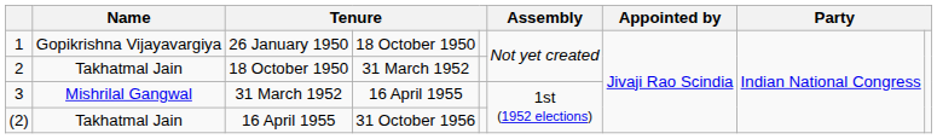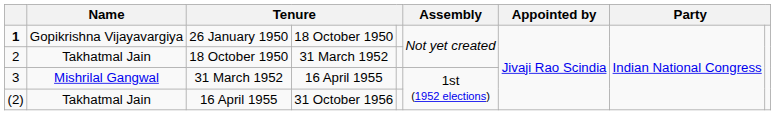 <table class="wikitable" style="text-align:center">
 <tr>
 <th scope="col"></th>
 <th scope="col">Name</th>
 <th colspan="3" scope="col">Tenure</th>
 <th scope="col">Assembly</th>
 <th>Appointed by</th>
 <th colspan="2" scope="col">Party</th>
 </tr>
 <tr>
-<td scope="row">1</td>
+<td scope="row"><strong>1</strong></td>
 <td>Gopikrishna Vijayavargiya</td>
 <td>26 January 1950</td>
 <td>18 October 1950</td>
 <td></td>
 <td rowspan="2"><em>Not yet created</em></td>
 <td rowspan="5"><a href='#'>Jivaji Rao Scindia</a></td>
 <td rowspan="5"><a href='#'>Indian National Congress</a></td>
 <td rowspan="9" style="background-color: "></td>
 </tr>
 <tr>
 <td scope="row">2</td>
 <td>Takhatmal Jain</td>
 <td>18 October 1950</td>
 <td>31 March 1952</td>
 <td></td>
 </tr>
 <tr>
 <td scope="row">3</td>
 <td><a href='#'>Mishrilal Gangwal</a></td>
 <td>31 March 1952</td>
 <td>16 April 1955</td>
 <td></td>
 <td rowspan="2">1st<br><small>(<a href='#'>1952 elections</a>)</small></td>
 </tr>
 <tr>
 <td scope="row">(2)</td>
 <td>Takhatmal Jain</td>
 <td>16 April 1955</td>
 <td>31 October 1956</td>
 <td></td>
 </tr>
 </table>
